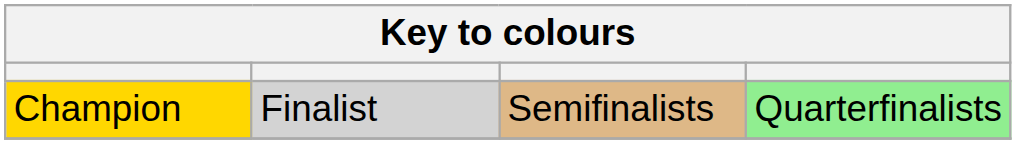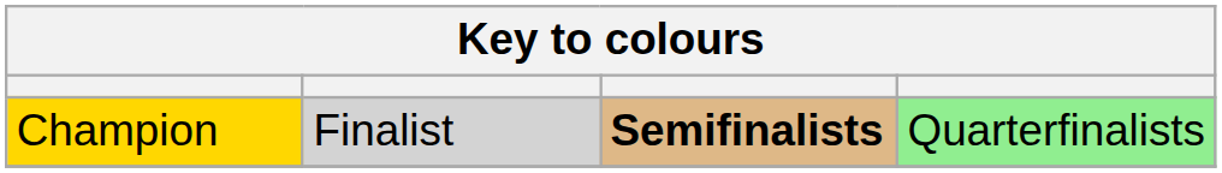 <table class="wikitable">
 <tr>
 <th colspan=4>Key to colours</th>
 </tr>
 <tr>
 <th width=100px></th>
 <th width=100px></th>
 <th width=100px></th>
 <th width=100px></th>
 </tr>
 <tr>
 <td bgcolor=gold>Champion</td>
 <td bgcolor=lightgrey>Finalist</td>
-<td bgcolor=burlywood>Semifinalists</td>
+<td bgcolor=burlywood><strong>Semifinalists</strong></td>
 <td bgcolor=lightgreen>Quarterfinalists</td>
 </tr>
 <tr>
 </tr>
 </table>
